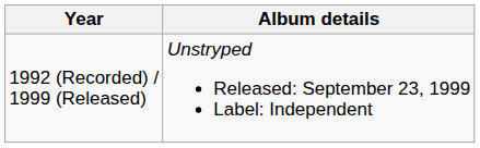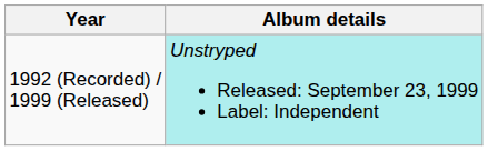 <table class="wikitable">
 <tr>
 <th>Year</th>
 <th>Album details</th>
 </tr>
 <tr>
 <td>1992 (Recorded) /<br>1999 (Released)</td>
-<td style="text-align:left;"><em>Unstryped</em><br><ul><li>Released: September 23, 1999</li><li>Label: Independent</li></ul></td>
+<td style="background: paleturquoise; text-align:left;"><em>Unstryped</em><br><ul><li>Released: September 23, 1999</li><li>Label: Independent</li></ul></td>
 </tr>
 </table>
